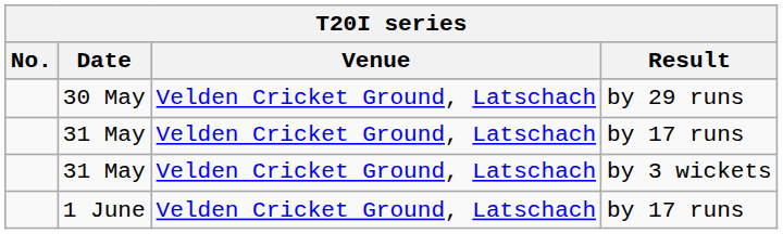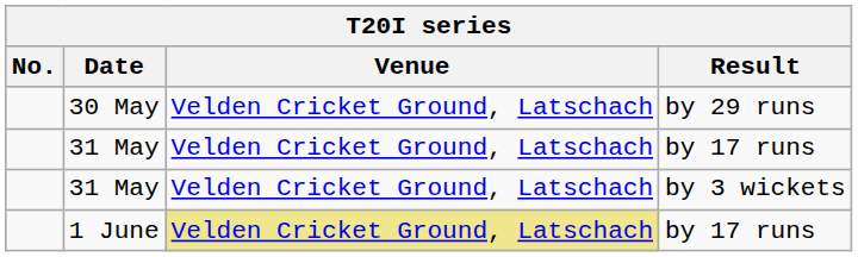 <table class="wikitable">
 <tr>
 <th colspan="5">T20I series</th>
 </tr>
 <tr>
 <th>No.</th>
 <th>Date</th>
 <th>Venue</th>
 <th>Result</th>
 </tr>
 <tr>
 <td></td>
 <td>30 May</td>
 <td><a href='#'>Velden Cricket Ground</a>, <a href='#'>Latschach</a></td>
 <td> by 29 runs</td>
 </tr>
 <tr>
 <td></td>
 <td>31 May</td>
 <td><a href='#'>Velden Cricket Ground</a>, <a href='#'>Latschach</a></td>
 <td> by 17 runs</td>
 </tr>
 <tr>
 <td></td>
 <td>31 May</td>
 <td><a href='#'>Velden Cricket Ground</a>, <a href='#'>Latschach</a></td>
 <td> by 3 wickets</td>
 </tr>
 <tr>
 <td></td>
 <td>1 June</td>
-<td><a href='#'>Velden Cricket Ground</a>, <a href='#'>Latschach</a></td>
+<td style="background: khaki;"><a href='#'>Velden Cricket Ground</a>, <a href='#'>Latschach</a></td>
 <td> by 17 runs</td>
 </tr>
 </table>
